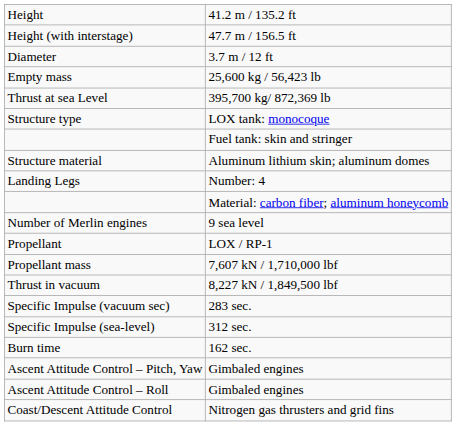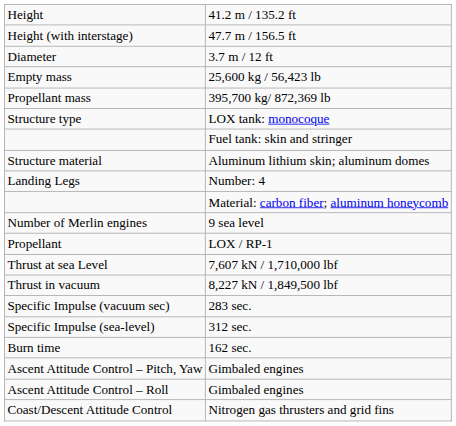 <table class="wikitable">
 <tr>
 <td>Height</td>
 <td>41.2 m / 135.2 ft</td>
 </tr>
 <tr>
 <td>Height (with interstage)</td>
 <td>47.7 m / 156.5 ft</td>
 </tr>
 <tr>
 <td>Diameter</td>
 <td>3.7 m / 12 ft</td>
 </tr>
 <tr>
 <td>Empty mass</td>
 <td>25,600 kg / 56,423 lb</td>
 </tr>
 <tr>
-<td>Thrust at sea Level</td>
+<td>Propellant mass</td>
 <td>395,700 kg/ 872,369 lb</td>
 </tr>
 <tr>
 <td>Structure type</td>
 <td>LOX tank: <a href='#'>monocoque</a></td>
 </tr>
 <tr>
 <td></td>
 <td>Fuel tank: skin and stringer</td>
 </tr>
 <tr>
 <td>Structure material</td>
 <td>Aluminum lithium skin; aluminum domes</td>
 </tr>
 <tr>
 <td>Landing Legs</td>
 <td>Number: 4</td>
 </tr>
 <tr>
 <td></td>
 <td>Material: <a href='#'>carbon fiber</a>; <a href='#'>aluminum honeycomb</a></td>
 </tr>
 <tr>
 <td>Number of Merlin engines</td>
 <td>9 sea level</td>
 </tr>
 <tr>
 <td>Propellant</td>
 <td>LOX / RP-1</td>
 </tr>
 <tr>
-<td>Propellant mass</td>
+<td>Thrust at sea Level</td>
 <td>7,607 kN / 1,710,000 lbf</td>
 </tr>
 <tr>
 <td>Thrust in vacuum</td>
 <td>8,227 kN / 1,849,500 lbf</td>
 </tr>
 <tr>
 <td>Specific Impulse (vacuum sec)</td>
 <td>283 sec.</td>
 </tr>
 <tr>
 <td>Specific Impulse (sea-level)</td>
 <td>312 sec.</td>
 </tr>
 <tr>
 <td>Burn time</td>
 <td>162 sec.</td>
 </tr>
 <tr>
 <td>Ascent Attitude Control – Pitch, Yaw</td>
 <td>Gimbaled engines</td>
 </tr>
 <tr>
 <td>Ascent Attitude Control – Roll</td>
 <td>Gimbaled engines</td>
 </tr>
 <tr>
 <td>Coast/Descent Attitude Control</td>
 <td>Nitrogen gas thrusters and grid fins</td>
 </tr>
 </table>
